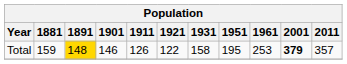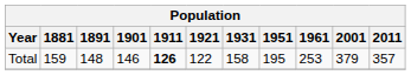 <table class="wikitable" style="margin: 1em auto 1em auto;">
 <tr>
 <th colspan="11">Population </th>
 </tr>
 <tr>
 <th>Year</th>
 <th>1881</th>
 <th>1891</th>
 <th>1901</th>
 <th>1911</th>
 <th>1921</th>
 <th>1931</th>
 <th>1951</th>
 <th>1961</th>
 <th>2001</th>
 <th>2011</th>
 </tr>
 <tr>
 <td>Total</td>
 <td>159</td>
-<td style="background: gold;">148</td>
+<td>148</td>
 <td>146</td>
-<td>126</td>
+<td><strong>126</strong></td>
 <td>122</td>
 <td>158</td>
 <td>195</td>
 <td>253</td>
-<td><strong>379</strong></td>
+<td>379</td>
 <td>357</td>
 </tr>
 <tr>
 </tr>
 </table>
